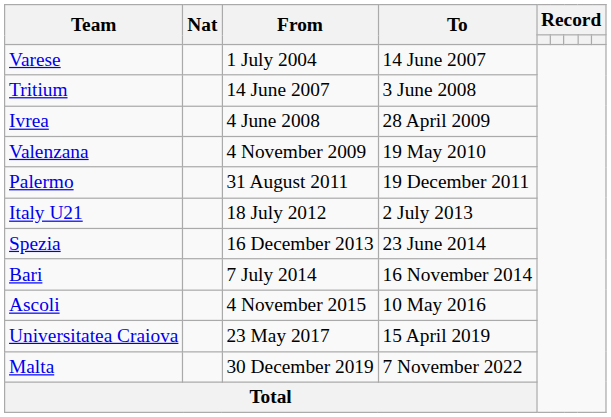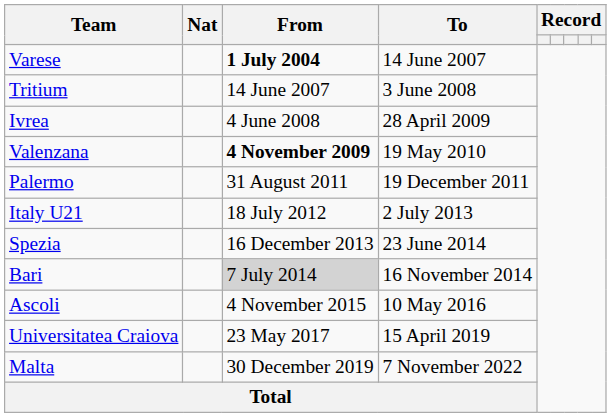 <table class=wikitable style="text-align: center">
 <tr>
 <th rowspan=2>Team</th>
 <th rowspan=2>Nat</th>
 <th rowspan=2>From</th>
 <th rowspan=2>To</th>
 <th colspan=8>Record</th>
 </tr>
 <tr>
 <th></th>
 <th></th>
 <th></th>
 <th></th>
 <th></th>
 </tr>
 <tr>
 <td align=left><a href='#'>Varese</a></td>
 <td></td>
-<td align=left>1 July 2004</td>
+<td align=left><strong>1 July 2004</strong></td>
 <td align=left>14 June 2007<br></td>
 </tr>
 <tr>
 <td align=left><a href='#'>Tritium</a></td>
 <td></td>
 <td align=left>14 June 2007</td>
 <td align=left>3 June 2008<br></td>
 </tr>
 <tr>
 <td align=left><a href='#'>Ivrea</a></td>
 <td></td>
 <td align=left>4 June 2008</td>
 <td align=left>28 April 2009<br></td>
 </tr>
 <tr>
 <td align=left><a href='#'>Valenzana</a></td>
 <td></td>
-<td align=left>4 November 2009</td>
+<td align=left><strong>4 November 2009</strong></td>
 <td align=left>19 May 2010<br></td>
 </tr>
 <tr>
 <td align=left><a href='#'>Palermo</a></td>
 <td></td>
 <td align=left>31 August 2011</td>
 <td align=left>19 December 2011<br></td>
 </tr>
 <tr>
 <td align=left><a href='#'>Italy U21</a></td>
 <td></td>
 <td align=left>18 July 2012</td>
 <td align=left>2 July 2013<br></td>
 </tr>
 <tr>
 <td align=left><a href='#'>Spezia</a></td>
 <td></td>
 <td align=left>16 December 2013</td>
 <td align=left>23 June 2014<br></td>
 </tr>
 <tr>
 <td align=left><a href='#'>Bari</a></td>
 <td></td>
-<td align=left>7 July 2014</td>
+<td align=left style="background: lightgrey;">7 July 2014</td>
 <td align=left>16 November 2014<br></td>
 </tr>
 <tr>
 <td align=left><a href='#'>Ascoli</a></td>
 <td></td>
 <td align=left>4 November 2015</td>
 <td align=left>10 May 2016<br></td>
 </tr>
 <tr>
 <td align=left><a href='#'>Universitatea Craiova</a></td>
 <td></td>
 <td align=left>23 May 2017</td>
 <td align=left>15 April 2019<br></td>
 </tr>
 <tr>
 <td align=left><a href='#'>Malta</a></td>
 <td></td>
 <td align=left>30 December 2019</td>
 <td align=left>7 November 2022<br></td>
 </tr>
 <tr>
 <th colspan=4>Total<br></th>
 </tr>
 </table>
